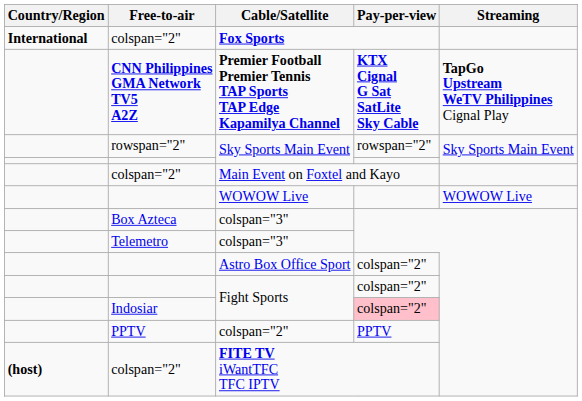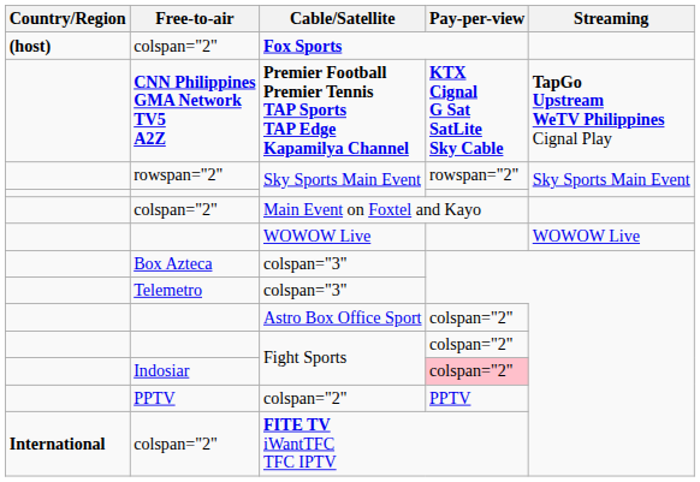 <table class="wikitable">
 <tr>
 <th>Country/Region</th>
 <th>Free-to-air</th>
 <th>Cable/Satellite</th>
 <th>Pay-per-view</th>
 <th>Streaming</th>
 </tr>
 <tr>
-<td><strong>International</strong></td>
+<td><strong> (host)</strong></td>
 <td>colspan="2" </td>
 <td colspan="2"><strong><a href='#'>Fox Sports</a></strong></td>
 </tr>
 <tr>
 <td><strong></strong></td>
 <td><strong><a href='#'>CNN Philippines</a><br><a href='#'>GMA Network</a><br><a href='#'>TV5</a></strong><br><strong><a href='#'>A2Z</a></strong></td>
 <td><strong>Premier Football<br>Premier Tennis<br><a href='#'>TAP Sports</a><br><a href='#'>TAP Edge</a><br><a href='#'>Kapamilya Channel</a></strong></td>
 <td><strong><a href='#'>KTX</a><br><a href='#'>Cignal</a><br><a href='#'>G Sat</a><br><a href='#'>SatLite</a><br><a href='#'>Sky Cable</a></strong></td>
 <td><strong>TapGo<br><a href='#'>Upstream</a><br><a href='#'>WeTV Philippines</a></strong><br>Cignal Play</td>
 </tr>
 <tr>
 <td></td>
 <td>rowspan="2" </td>
 <td rowspan="2"><a href='#'>Sky Sports Main Event</a></td>
 <td>rowspan="2" </td>
 <td rowspan="2"><a href='#'>Sky Sports Main Event</a></td>
 </tr>
 <tr>
 <td></td>
 </tr>
 <tr>
 <td></td>
 <td>colspan="2" </td>
 <td colspan="2"><a href='#'>Main Event</a> on <a href='#'>Foxtel</a> and Kayo</td>
 </tr>
 <tr>
 <td></td>
 <td></td>
 <td><a href='#'>WOWOW Live</a></td>
 <td></td>
 <td><a href='#'>WOWOW Live</a></td>
 </tr>
 <tr>
 <td></td>
 <td><a href='#'>Box Azteca</a></td>
 <td>colspan="3" </td>
 </tr>
 <tr>
 <td></td>
 <td><a href='#'>Telemetro</a></td>
 <td>colspan="3" </td>
 </tr>
 <tr>
 <td></td>
 <td></td>
 <td><a href='#'>Astro Box Office Sport</a></td>
 <td>colspan="2" </td>
 </tr>
 <tr>
 <td></td>
 <td></td>
 <td rowspan="2">Fight Sports</td>
 <td>colspan="2" </td>
 </tr>
 <tr>
 <td></td>
 <td><a href='#'>Indosiar</a></td>
 <td style="background: pink;">colspan="2" </td>
 </tr>
 <tr>
 <td></td>
 <td><a href='#'>PPTV</a></td>
 <td>colspan="2" </td>
 <td><a href='#'>PPTV</a></td>
 </tr>
 <tr>
-<td><strong> (host)</strong></td>
+<td><strong>International</strong></td>
 <td>colspan="2" </td>
 <td colspan="2"><strong><a href='#'>FITE TV</a></strong><br><a href='#'>iWantTFC</a><br><a href='#'>TFC IPTV</a></td>
 </tr>
 </table>
